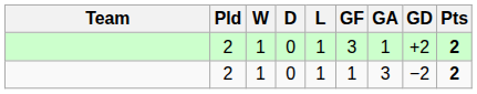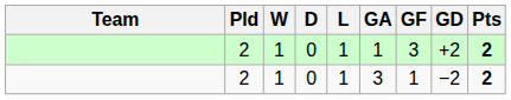 <table class="wikitable" style="text-align:center;">
 <tr>
 <th width=180>Team</th>
 <th width=20>Pld</th>
 <th width=20>W</th>
 <th width=20>D</th>
 <th width=20>L</th>
+<th width=20>GA</th>
 <th width=20>GF</th>
-<th width=20>GA</th>
 <th width=20>GD</th>
 <th width=20>Pts</th>
 </tr>
 <tr bgcolor="ccffcc">
 <td align="left"></td>
 <td>2</td>
 <td>1</td>
 <td>0</td>
 <td>1</td>
+<td>1</td>
 <td>3</td>
-<td>1</td>
 <td>+2</td>
 <td><strong>2</strong></td>
 </tr>
 <tr>
 <td align="left"></td>
 <td>2</td>
 <td>1</td>
 <td>0</td>
 <td>1</td>
+<td>3</td>
 <td>1</td>
-<td>3</td>
 <td>−2</td>
 <td><strong>2</strong></td>
 </tr>
 </table>
